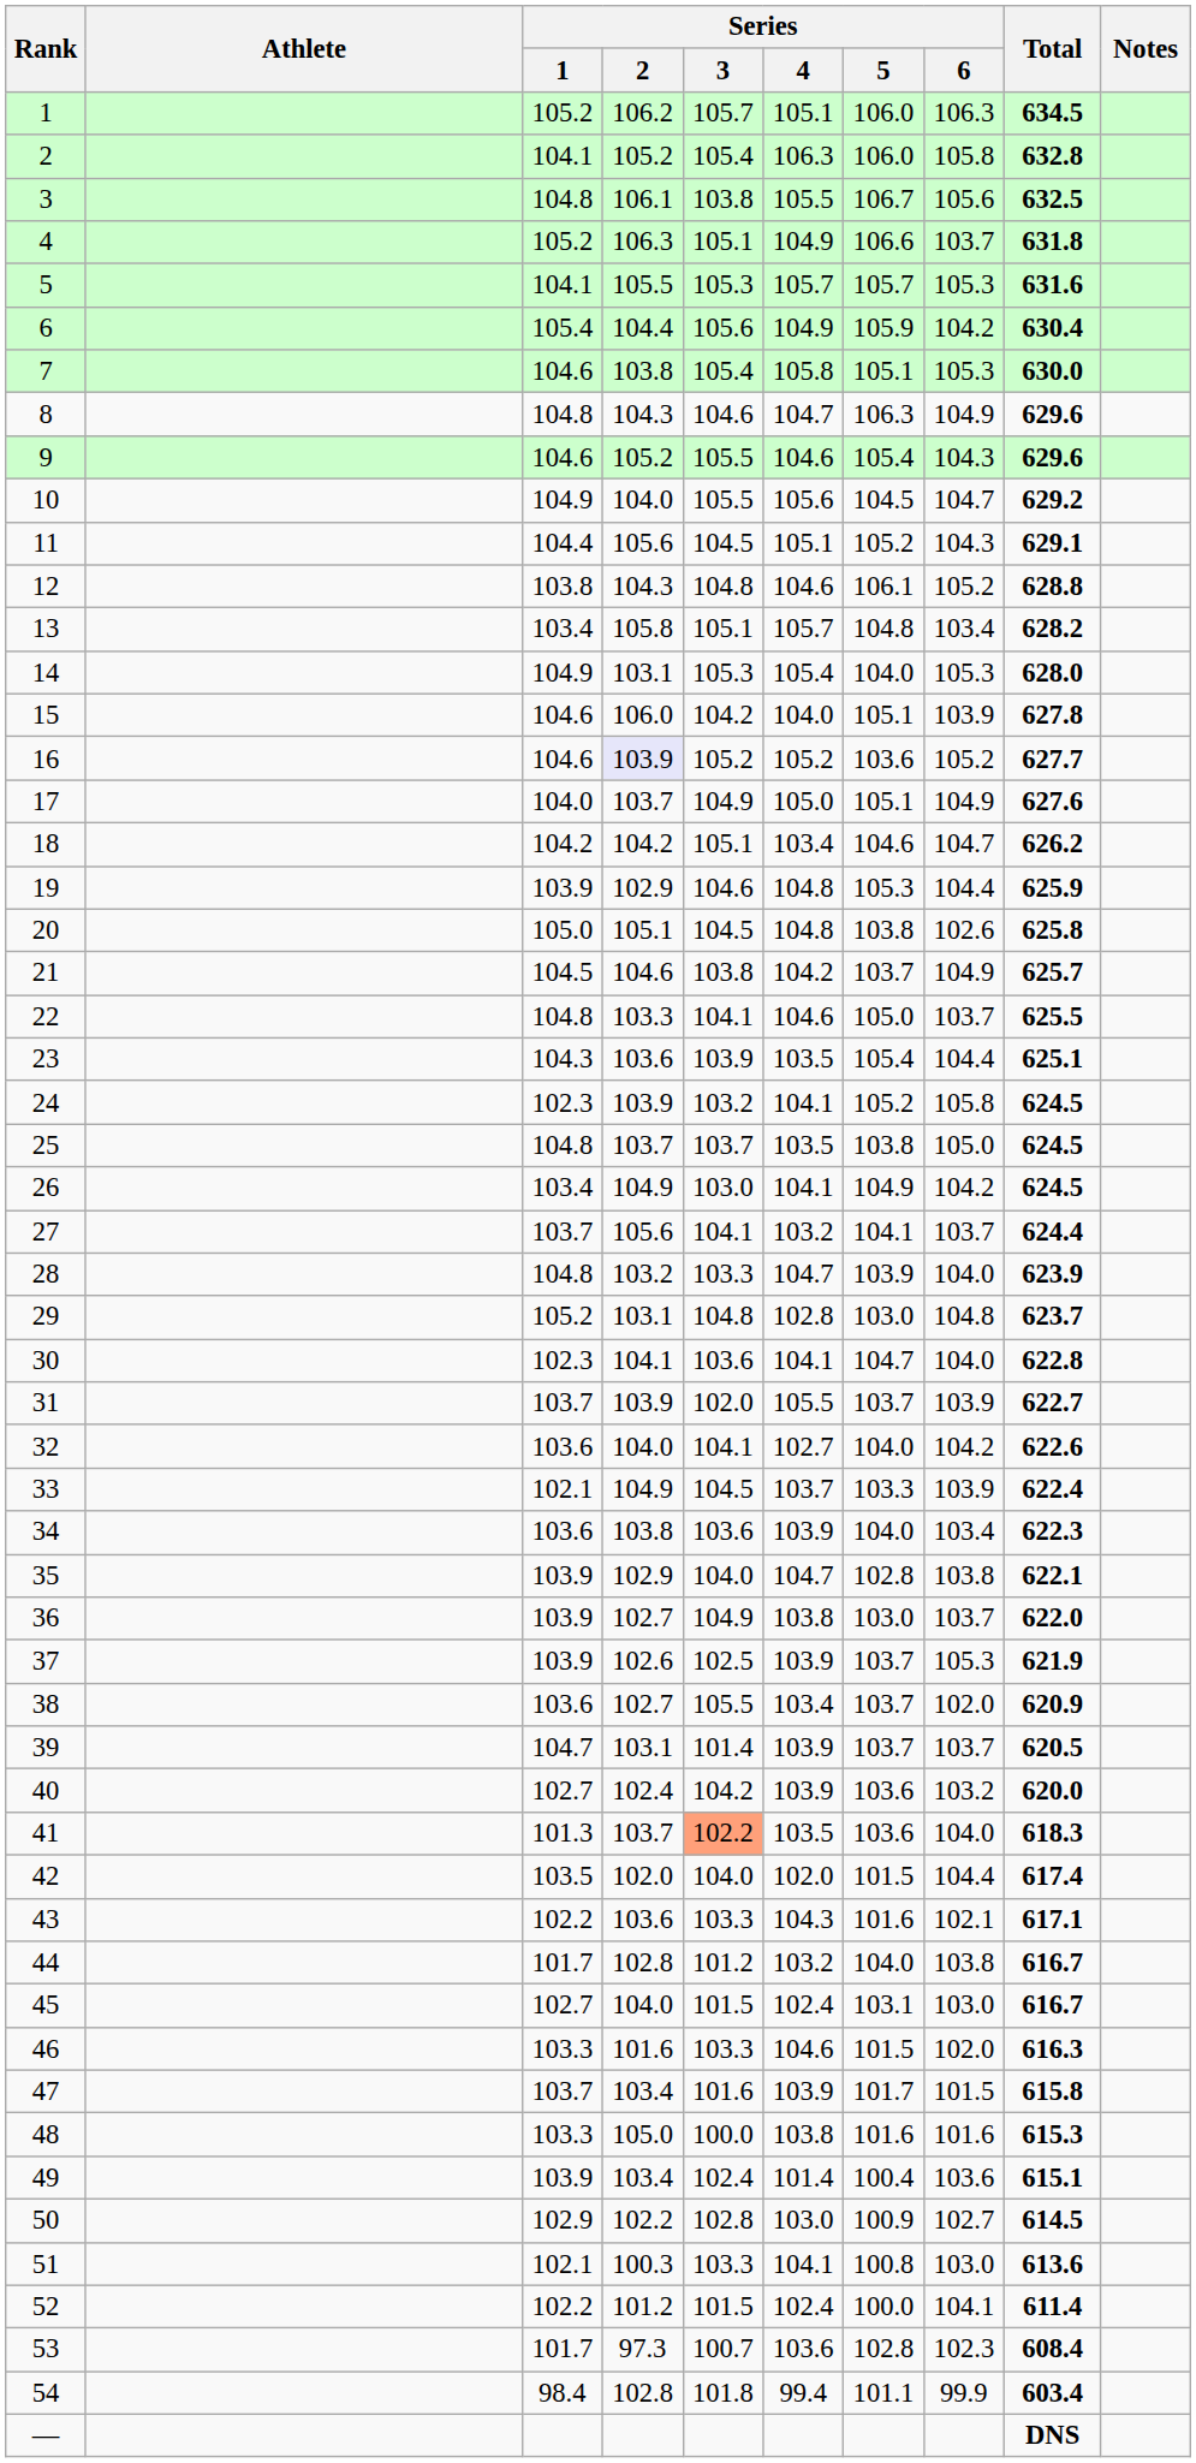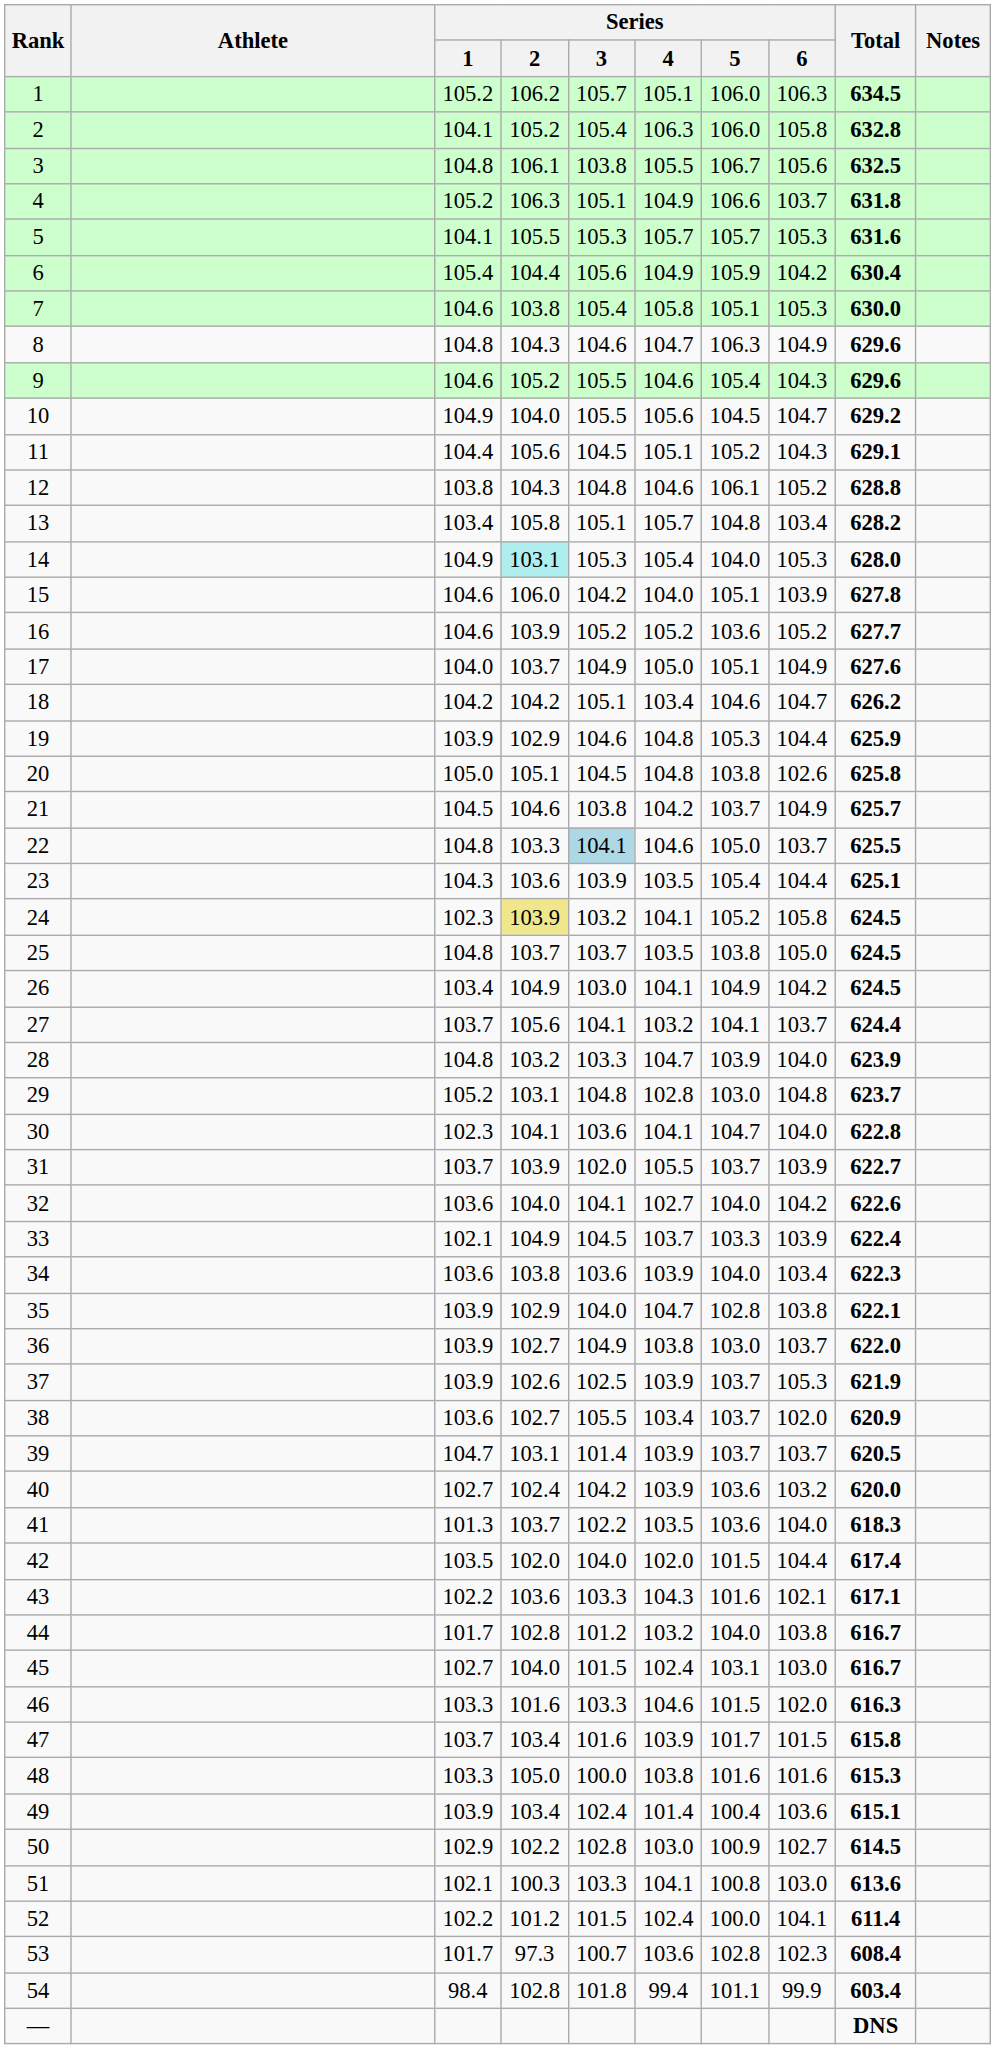 <table class="wikitable" style="text-align:center">
 <tr>
 <th rowspan=2 width=40>Rank</th>
 <th rowspan=2 width=250>Athlete</th>
 <th colspan=6>Series</th>
 <th rowspan=2 width=50>Total</th>
 <th rowspan=2 width=45>Notes</th>
 </tr>
 <tr>
 <th width=40>1</th>
 <th width=40>2</th>
 <th width=40>3</th>
 <th width=40>4</th>
 <th width=40>5</th>
 <th width=40>6</th>
 </tr>
 <tr bgcolor=ccffcc>
 <td>1</td>
 <td align=left></td>
 <td>105.2</td>
 <td>106.2</td>
 <td>105.7</td>
 <td>105.1</td>
 <td>106.0</td>
 <td>106.3</td>
 <td><strong>634.5</strong></td>
 <td></td>
 </tr>
 <tr bgcolor=ccffcc>
 <td>2</td>
 <td align=left></td>
 <td>104.1</td>
 <td>105.2</td>
 <td>105.4</td>
 <td>106.3</td>
 <td>106.0</td>
 <td>105.8</td>
 <td><strong>632.8</strong></td>
 <td></td>
 </tr>
 <tr bgcolor=ccffcc>
 <td>3</td>
 <td align=left></td>
 <td>104.8</td>
 <td>106.1</td>
 <td>103.8</td>
 <td>105.5</td>
 <td>106.7</td>
 <td>105.6</td>
 <td><strong>632.5</strong></td>
 <td></td>
 </tr>
 <tr bgcolor=ccffcc>
 <td>4</td>
 <td align=left></td>
 <td>105.2</td>
 <td>106.3</td>
 <td>105.1</td>
 <td>104.9</td>
 <td>106.6</td>
 <td>103.7</td>
 <td><strong>631.8</strong></td>
 <td></td>
 </tr>
 <tr bgcolor=ccffcc>
 <td>5</td>
 <td align=left></td>
 <td>104.1</td>
 <td>105.5</td>
 <td>105.3</td>
 <td>105.7</td>
 <td>105.7</td>
 <td>105.3</td>
 <td><strong>631.6</strong></td>
 <td></td>
 </tr>
 <tr bgcolor=ccffcc>
 <td>6</td>
 <td align=left></td>
 <td>105.4</td>
 <td>104.4</td>
 <td>105.6</td>
 <td>104.9</td>
 <td>105.9</td>
 <td>104.2</td>
 <td><strong>630.4</strong></td>
 <td></td>
 </tr>
 <tr bgcolor=ccffcc>
 <td>7</td>
 <td align=left></td>
 <td>104.6</td>
 <td>103.8</td>
 <td>105.4</td>
 <td>105.8</td>
 <td>105.1</td>
 <td>105.3</td>
 <td><strong>630.0</strong></td>
 <td></td>
 </tr>
 <tr>
 <td>8</td>
 <td align=left></td>
 <td>104.8</td>
 <td>104.3</td>
 <td>104.6</td>
 <td>104.7</td>
 <td>106.3</td>
 <td>104.9</td>
 <td><strong>629.6</strong></td>
 <td></td>
 </tr>
 <tr bgcolor=ccffcc>
 <td>9</td>
 <td align=left></td>
 <td>104.6</td>
 <td>105.2</td>
 <td>105.5</td>
 <td>104.6</td>
 <td>105.4</td>
 <td>104.3</td>
 <td><strong>629.6</strong></td>
 <td></td>
 </tr>
 <tr>
 <td>10</td>
 <td align=left></td>
 <td>104.9</td>
 <td>104.0</td>
 <td>105.5</td>
 <td>105.6</td>
 <td>104.5</td>
 <td>104.7</td>
 <td><strong>629.2</strong></td>
 <td></td>
 </tr>
 <tr>
 <td>11</td>
 <td align=left></td>
 <td>104.4</td>
 <td>105.6</td>
 <td>104.5</td>
 <td>105.1</td>
 <td>105.2</td>
 <td>104.3</td>
 <td><strong>629.1</strong></td>
 <td></td>
 </tr>
 <tr>
 <td>12</td>
 <td align=left></td>
 <td>103.8</td>
 <td>104.3</td>
 <td>104.8</td>
 <td>104.6</td>
 <td>106.1</td>
 <td>105.2</td>
 <td><strong>628.8</strong></td>
 <td></td>
 </tr>
 <tr>
 <td>13</td>
 <td align=left></td>
 <td>103.4</td>
 <td>105.8</td>
 <td>105.1</td>
 <td>105.7</td>
 <td>104.8</td>
 <td>103.4</td>
 <td><strong>628.2</strong></td>
 <td></td>
 </tr>
 <tr>
 <td>14</td>
 <td align=left></td>
 <td>104.9</td>
-<td>103.1</td>
+<td style="background: paleturquoise;">103.1</td>
 <td>105.3</td>
 <td>105.4</td>
 <td>104.0</td>
 <td>105.3</td>
 <td><strong>628.0</strong></td>
 <td></td>
 </tr>
 <tr>
 <td>15</td>
 <td align=left></td>
 <td>104.6</td>
 <td>106.0</td>
 <td>104.2</td>
 <td>104.0</td>
 <td>105.1</td>
 <td>103.9</td>
 <td><strong>627.8</strong></td>
 <td></td>
 </tr>
 <tr>
 <td>16</td>
 <td align=left></td>
 <td>104.6</td>
-<td style="background: lavender;">103.9</td>
+<td>103.9</td>
 <td>105.2</td>
 <td>105.2</td>
 <td>103.6</td>
 <td>105.2</td>
 <td><strong>627.7</strong></td>
 <td></td>
 </tr>
 <tr>
 <td>17</td>
 <td align=left></td>
 <td>104.0</td>
 <td>103.7</td>
 <td>104.9</td>
 <td>105.0</td>
 <td>105.1</td>
 <td>104.9</td>
 <td><strong>627.6</strong></td>
 <td></td>
 </tr>
 <tr>
 <td>18</td>
 <td align=left></td>
 <td>104.2</td>
 <td>104.2</td>
 <td>105.1</td>
 <td>103.4</td>
 <td>104.6</td>
 <td>104.7</td>
 <td><strong>626.2</strong></td>
 <td></td>
 </tr>
 <tr>
 <td>19</td>
 <td align=left></td>
 <td>103.9</td>
 <td>102.9</td>
 <td>104.6</td>
 <td>104.8</td>
 <td>105.3</td>
 <td>104.4</td>
 <td><strong>625.9</strong></td>
 <td></td>
 </tr>
 <tr>
 <td>20</td>
 <td align=left></td>
 <td>105.0</td>
 <td>105.1</td>
 <td>104.5</td>
 <td>104.8</td>
 <td>103.8</td>
 <td>102.6</td>
 <td><strong>625.8</strong></td>
 <td></td>
 </tr>
 <tr>
 <td>21</td>
 <td align=left></td>
 <td>104.5</td>
 <td>104.6</td>
 <td>103.8</td>
 <td>104.2</td>
 <td>103.7</td>
 <td>104.9</td>
 <td><strong>625.7</strong></td>
 <td></td>
 </tr>
 <tr>
 <td>22</td>
 <td align=left></td>
 <td>104.8</td>
 <td>103.3</td>
-<td>104.1</td>
+<td style="background: lightblue;">104.1</td>
 <td>104.6</td>
 <td>105.0</td>
 <td>103.7</td>
 <td><strong>625.5</strong></td>
 <td></td>
 </tr>
 <tr>
 <td>23</td>
 <td align=left></td>
 <td>104.3</td>
 <td>103.6</td>
 <td>103.9</td>
 <td>103.5</td>
 <td>105.4</td>
 <td>104.4</td>
 <td><strong>625.1</strong></td>
 <td></td>
 </tr>
 <tr>
 <td>24</td>
 <td align=left></td>
 <td>102.3</td>
-<td>103.9</td>
+<td style="background: khaki;">103.9</td>
 <td>103.2</td>
 <td>104.1</td>
 <td>105.2</td>
 <td>105.8</td>
 <td><strong>624.5</strong></td>
 <td></td>
 </tr>
 <tr>
 <td>25</td>
 <td align=left></td>
 <td>104.8</td>
 <td>103.7</td>
 <td>103.7</td>
 <td>103.5</td>
 <td>103.8</td>
 <td>105.0</td>
 <td><strong>624.5</strong></td>
 <td></td>
 </tr>
 <tr>
 <td>26</td>
 <td align=left></td>
 <td>103.4</td>
 <td>104.9</td>
 <td>103.0</td>
 <td>104.1</td>
 <td>104.9</td>
 <td>104.2</td>
 <td><strong>624.5</strong></td>
 <td></td>
 </tr>
 <tr>
 <td>27</td>
 <td align=left></td>
 <td>103.7</td>
 <td>105.6</td>
 <td>104.1</td>
 <td>103.2</td>
 <td>104.1</td>
 <td>103.7</td>
 <td><strong>624.4</strong></td>
 <td></td>
 </tr>
 <tr>
 <td>28</td>
 <td align=left></td>
 <td>104.8</td>
 <td>103.2</td>
 <td>103.3</td>
 <td>104.7</td>
 <td>103.9</td>
 <td>104.0</td>
 <td><strong>623.9</strong></td>
 <td></td>
 </tr>
 <tr>
 <td>29</td>
 <td align=left></td>
 <td>105.2</td>
 <td>103.1</td>
 <td>104.8</td>
 <td>102.8</td>
 <td>103.0</td>
 <td>104.8</td>
 <td><strong>623.7</strong></td>
 <td></td>
 </tr>
 <tr>
 <td>30</td>
 <td align=left></td>
 <td>102.3</td>
 <td>104.1</td>
 <td>103.6</td>
 <td>104.1</td>
 <td>104.7</td>
 <td>104.0</td>
 <td><strong>622.8</strong></td>
 <td></td>
 </tr>
 <tr>
 <td>31</td>
 <td align=left></td>
 <td>103.7</td>
 <td>103.9</td>
 <td>102.0</td>
 <td>105.5</td>
 <td>103.7</td>
 <td>103.9</td>
 <td><strong>622.7</strong></td>
 <td></td>
 </tr>
 <tr>
 <td>32</td>
 <td align=left></td>
 <td>103.6</td>
 <td>104.0</td>
 <td>104.1</td>
 <td>102.7</td>
 <td>104.0</td>
 <td>104.2</td>
 <td><strong>622.6</strong></td>
 <td></td>
 </tr>
 <tr>
 <td>33</td>
 <td align=left></td>
 <td>102.1</td>
 <td>104.9</td>
 <td>104.5</td>
 <td>103.7</td>
 <td>103.3</td>
 <td>103.9</td>
 <td><strong>622.4</strong></td>
 <td></td>
 </tr>
 <tr>
 <td>34</td>
 <td align=left></td>
 <td>103.6</td>
 <td>103.8</td>
 <td>103.6</td>
 <td>103.9</td>
 <td>104.0</td>
 <td>103.4</td>
 <td><strong>622.3</strong></td>
 <td></td>
 </tr>
 <tr>
 <td>35</td>
 <td align=left></td>
 <td>103.9</td>
 <td>102.9</td>
 <td>104.0</td>
 <td>104.7</td>
 <td>102.8</td>
 <td>103.8</td>
 <td><strong>622.1</strong></td>
 <td></td>
 </tr>
 <tr>
 <td>36</td>
 <td align=left></td>
 <td>103.9</td>
 <td>102.7</td>
 <td>104.9</td>
 <td>103.8</td>
 <td>103.0</td>
 <td>103.7</td>
 <td><strong>622.0</strong></td>
 <td></td>
 </tr>
 <tr>
 <td>37</td>
 <td align=left></td>
 <td>103.9</td>
 <td>102.6</td>
 <td>102.5</td>
 <td>103.9</td>
 <td>103.7</td>
 <td>105.3</td>
 <td><strong>621.9</strong></td>
 <td></td>
 </tr>
 <tr>
 <td>38</td>
 <td align=left></td>
 <td>103.6</td>
 <td>102.7</td>
 <td>105.5</td>
 <td>103.4</td>
 <td>103.7</td>
 <td>102.0</td>
 <td><strong>620.9</strong></td>
 <td></td>
 </tr>
 <tr>
 <td>39</td>
 <td align=left></td>
 <td>104.7</td>
 <td>103.1</td>
 <td>101.4</td>
 <td>103.9</td>
 <td>103.7</td>
 <td>103.7</td>
 <td><strong>620.5</strong></td>
 <td></td>
 </tr>
 <tr>
 <td>40</td>
 <td align=left></td>
 <td>102.7</td>
 <td>102.4</td>
 <td>104.2</td>
 <td>103.9</td>
 <td>103.6</td>
 <td>103.2</td>
 <td><strong>620.0</strong></td>
 <td></td>
 </tr>
 <tr>
 <td>41</td>
 <td align=left></td>
 <td>101.3</td>
 <td>103.7</td>
-<td style="background: lightsalmon;">102.2</td>
+<td>102.2</td>
 <td>103.5</td>
 <td>103.6</td>
 <td>104.0</td>
 <td><strong>618.3</strong></td>
 <td></td>
 </tr>
 <tr>
 <td>42</td>
 <td align=left></td>
 <td>103.5</td>
 <td>102.0</td>
 <td>104.0</td>
 <td>102.0</td>
 <td>101.5</td>
 <td>104.4</td>
 <td><strong>617.4</strong></td>
 <td></td>
 </tr>
 <tr>
 <td>43</td>
 <td align=left></td>
 <td>102.2</td>
 <td>103.6</td>
 <td>103.3</td>
 <td>104.3</td>
 <td>101.6</td>
 <td>102.1</td>
 <td><strong>617.1</strong></td>
 <td></td>
 </tr>
 <tr>
 <td>44</td>
 <td align=left></td>
 <td>101.7</td>
 <td>102.8</td>
 <td>101.2</td>
 <td>103.2</td>
 <td>104.0</td>
 <td>103.8</td>
 <td><strong>616.7</strong></td>
 <td></td>
 </tr>
 <tr>
 <td>45</td>
 <td align=left></td>
 <td>102.7</td>
 <td>104.0</td>
 <td>101.5</td>
 <td>102.4</td>
 <td>103.1</td>
 <td>103.0</td>
 <td><strong>616.7</strong></td>
 <td></td>
 </tr>
 <tr>
 <td>46</td>
 <td align=left></td>
 <td>103.3</td>
 <td>101.6</td>
 <td>103.3</td>
 <td>104.6</td>
 <td>101.5</td>
 <td>102.0</td>
 <td><strong>616.3</strong></td>
 <td></td>
 </tr>
 <tr>
 <td>47</td>
 <td align=left></td>
 <td>103.7</td>
 <td>103.4</td>
 <td>101.6</td>
 <td>103.9</td>
 <td>101.7</td>
 <td>101.5</td>
 <td><strong>615.8</strong></td>
 <td></td>
 </tr>
 <tr>
 <td>48</td>
 <td align=left></td>
 <td>103.3</td>
 <td>105.0</td>
 <td>100.0</td>
 <td>103.8</td>
 <td>101.6</td>
 <td>101.6</td>
 <td><strong>615.3</strong></td>
 <td></td>
 </tr>
 <tr>
 <td>49</td>
 <td align=left></td>
 <td>103.9</td>
 <td>103.4</td>
 <td>102.4</td>
 <td>101.4</td>
 <td>100.4</td>
 <td>103.6</td>
 <td><strong>615.1</strong></td>
 <td></td>
 </tr>
 <tr>
 <td>50</td>
 <td align=left></td>
 <td>102.9</td>
 <td>102.2</td>
 <td>102.8</td>
 <td>103.0</td>
 <td>100.9</td>
 <td>102.7</td>
 <td><strong>614.5</strong></td>
 <td></td>
 </tr>
 <tr>
 <td>51</td>
 <td align=left></td>
 <td>102.1</td>
 <td>100.3</td>
 <td>103.3</td>
 <td>104.1</td>
 <td>100.8</td>
 <td>103.0</td>
 <td><strong>613.6</strong></td>
 <td></td>
 </tr>
 <tr>
 <td>52</td>
 <td align=left></td>
 <td>102.2</td>
 <td>101.2</td>
 <td>101.5</td>
 <td>102.4</td>
 <td>100.0</td>
 <td>104.1</td>
 <td><strong>611.4</strong></td>
 <td></td>
 </tr>
 <tr>
 <td>53</td>
 <td align=left></td>
 <td>101.7</td>
 <td>97.3</td>
 <td>100.7</td>
 <td>103.6</td>
 <td>102.8</td>
 <td>102.3</td>
 <td><strong>608.4</strong></td>
 <td></td>
 </tr>
 <tr>
 <td>54</td>
 <td align=left></td>
 <td>98.4</td>
 <td>102.8</td>
 <td>101.8</td>
 <td>99.4</td>
 <td>101.1</td>
 <td>99.9</td>
 <td><strong>603.4</strong></td>
 <td></td>
 </tr>
 <tr>
 <td>—</td>
 <td align=left></td>
 <td></td>
 <td></td>
 <td></td>
 <td></td>
 <td></td>
 <td></td>
 <td><strong>DNS</strong></td>
 <td></td>
 </tr>
 </table>
